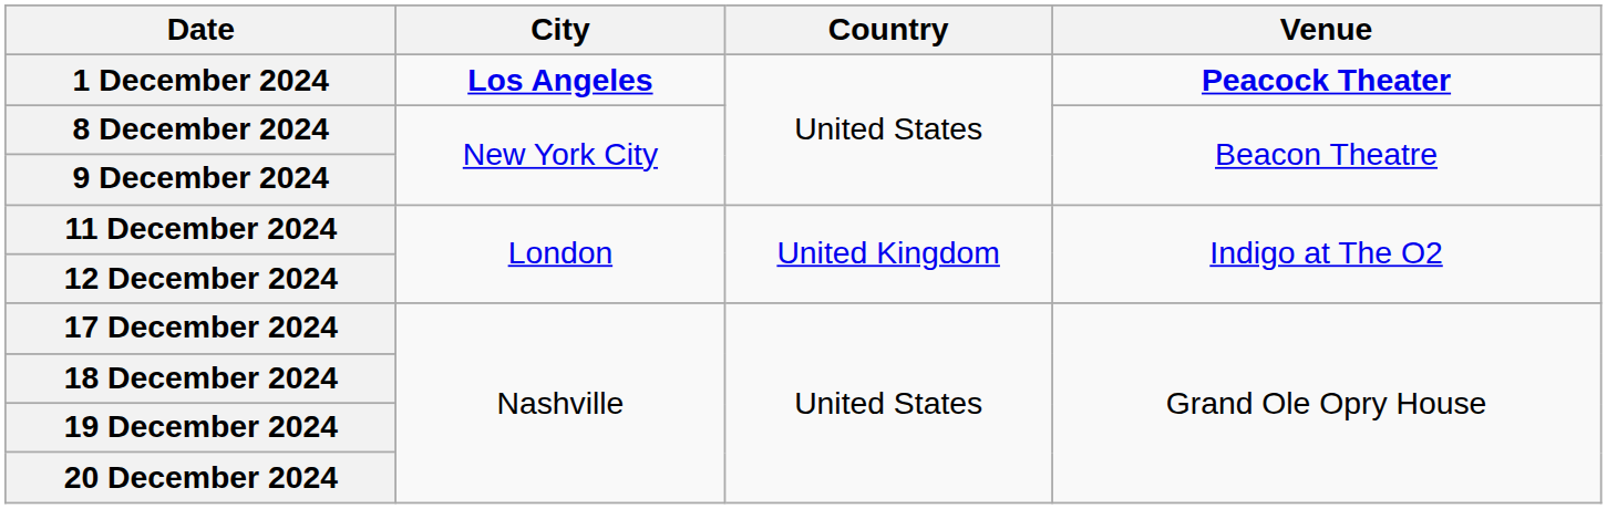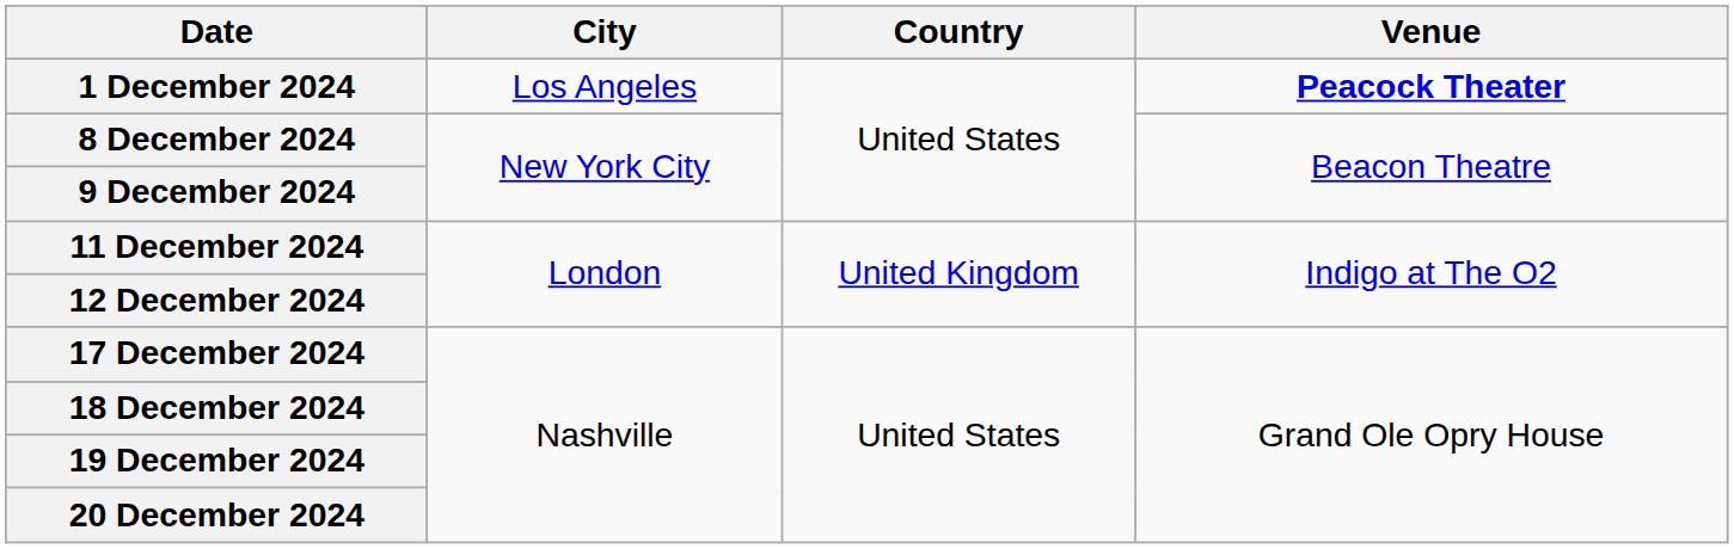 <table class="wikitable plainrowheaders" style="text-align:center;">
 <tr>
 <th scope="col" style="width:12em;">Date</th>
 <th scope="col" style="width:10em;">City</th>
 <th scope="col" style="width:10em;">Country</th>
 <th scope="col" style="width:17em;">Venue</th>
 </tr>
 <tr>
 <th scope="row" style="text-align:center;">1 December 2024</th>
-<td><strong><a href='#'>Los Angeles</a></strong></td>
+<td><a href='#'>Los Angeles</a></td>
 <td rowspan="3">United States</td>
 <td><strong><a href='#'>Peacock Theater</a></strong></td>
 </tr>
 <tr>
 <th scope="row" style="text-align:center;">8 December 2024</th>
 <td rowspan="2"><a href='#'>New York City</a></td>
 <td rowspan="2"><a href='#'>Beacon Theatre</a></td>
 </tr>
 <tr>
 <th scope="row" style="text-align:center;">9 December 2024</th>
 </tr>
 <tr>
 <th scope="row" style="text-align:center;">11 December 2024</th>
 <td rowspan="2"><a href='#'>London</a></td>
 <td rowspan="2"><a href='#'>United Kingdom</a></td>
 <td rowspan="2"><a href='#'>Indigo at The O2</a></td>
 </tr>
 <tr>
 <th scope="row" style="text-align:center;">12 December 2024</th>
 </tr>
 <tr>
 <th scope="row" style="text-align:center;">17 December 2024</th>
 <td rowspan="4">Nashville</td>
 <td rowspan="4">United States</td>
 <td rowspan="4">Grand Ole Opry House</td>
 </tr>
 <tr>
 <th scope="row" style="text-align:center;">18 December 2024</th>
 </tr>
 <tr>
 <th scope="row" style="text-align:center;">19 December 2024</th>
 </tr>
 <tr>
 <th scope="row" style="text-align:center;">20 December 2024</th>
 </tr>
 </table>
